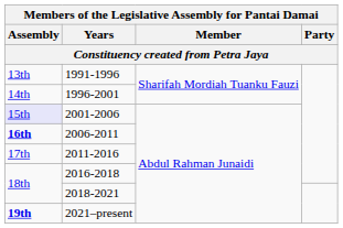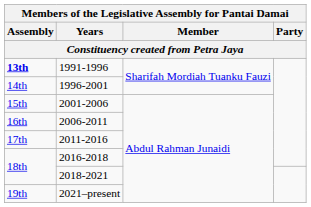 <table class=wikitable>
 <tr>
 <th colspan="4">Members of the Legislative Assembly for Pantai Damai</th>
 </tr>
 <tr>
 <th>Assembly</th>
 <th>Years</th>
 <th>Member</th>
 <th>Party</th>
 </tr>
 <tr>
 <th colspan=4 align=center><em>Constituency created from Petra Jaya</em></th>
 </tr>
 <tr>
-<td><a href='#'>13th</a></td>
+<td><strong><a href='#'>13th</a></strong></td>
 <td>1991-1996</td>
 <td rowspan=2><a href='#'>Sharifah Mordiah Tuanku Fauzi</a></td>
 <td rowspan=6 bgcolor=></td>
 </tr>
 <tr>
 <td><a href='#'>14th</a></td>
 <td>1996-2001</td>
 </tr>
 <tr>
-<td style="background: lavender;"><a href='#'>15th</a></td>
+<td><a href='#'>15th</a></td>
 <td>2001-2006</td>
 <td rowspan="6"><a href='#'>Abdul Rahman Junaidi</a></td>
 </tr>
 <tr>
-<td><strong><a href='#'>16th</a></strong></td>
+<td><a href='#'>16th</a></td>
 <td>2006-2011</td>
 </tr>
 <tr>
 <td><a href='#'>17th</a></td>
 <td>2011-2016</td>
 </tr>
 <tr>
 <td rowspan=2><a href='#'>18th</a></td>
 <td>2016-2018</td>
 </tr>
 <tr>
 <td>2018-2021</td>
 <td rowspan="2" bgcolor=></td>
 </tr>
 <tr>
-<td><strong><a href='#'>19th</a></strong></td>
+<td><a href='#'>19th</a></td>
 <td>2021–present</td>
 </tr>
 </table>
